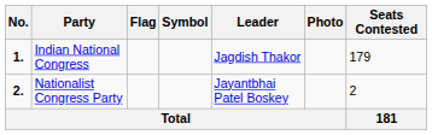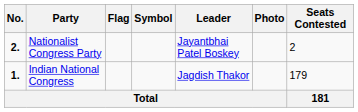 <table class="wikitable" width="60%">
 <tr>
 <th>No.</th>
 <th>Party</th>
 <th>Flag</th>
 <th>Symbol</th>
 <th>Leader</th>
 <th>Photo</th>
 <th>Seats Contested</th>
 </tr>
 <tr>
+<td style="text-align:center; background:"><strong>2.</strong></td>
+<td><a href='#'>Nationalist Congress Party</a></td>
+<td></td>
+<td></td>
+<td><a href='#'>Jayantbhai Patel Boskey</a></td>
+<td></td>
+<td>2</td>
+</tr>
+<tr>
 <td style="text-align:center; background:"><strong>1.</strong></td>
 <td><a href='#'>Indian National Congress</a></td>
 <td></td>
 <td></td>
 <td><a href='#'>Jagdish Thakor</a></td>
 <td></td>
 <td>179</td>
 </tr>
 <tr>
-<td style="text-align:center; background:"><strong>2.</strong></td>
-<td><a href='#'>Nationalist Congress Party</a></td>
-<td></td>
-<td></td>
-<td><a href='#'>Jayantbhai Patel Boskey</a></td>
-<td></td>
-<td>2</td>
-</tr>
-<tr>
 <th colspan="6">Total</th>
 <th>181</th>
 </tr>
 </table>
